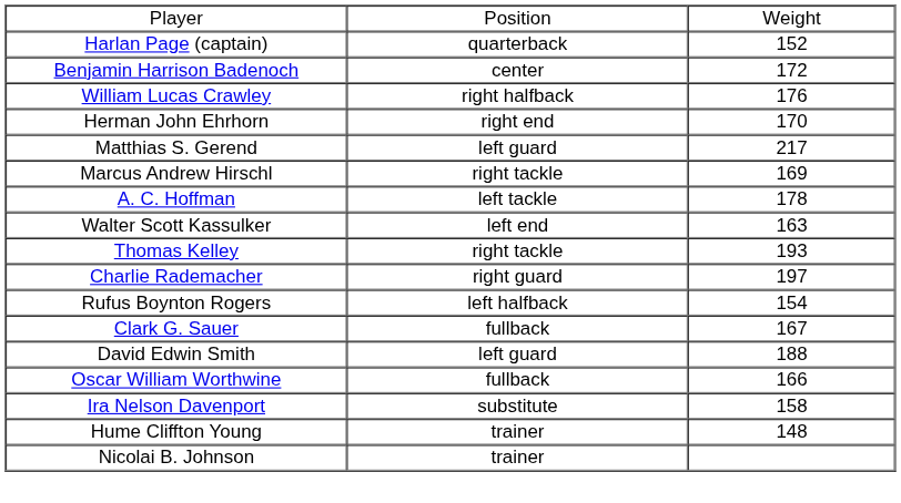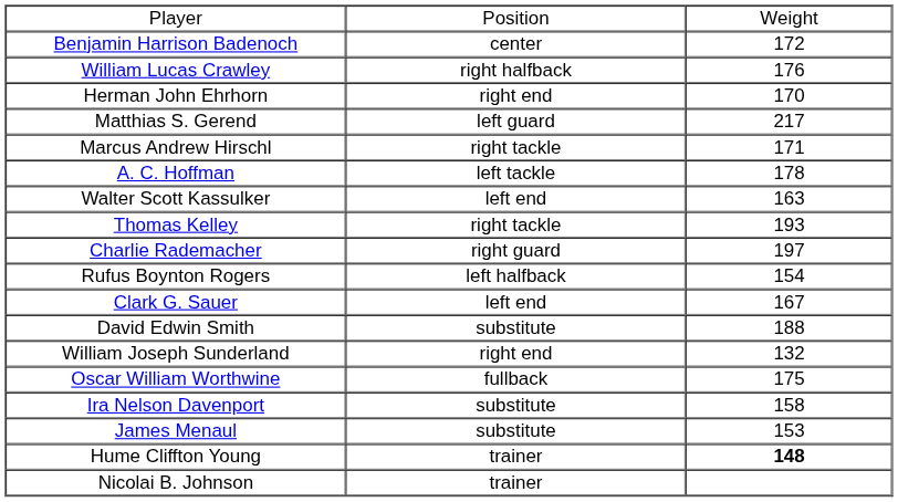 <table cellpadding="1" border="1" cellspacing="0" width="60%" style="text-align:center;">
 <tr>
 <td>Player</td>
 <td>Position</td>
 <td>Weight</td>
-</tr>
-<tr align="center" bgcolor="">
-<td><a href='#'>Harlan Page</a> (captain)</td>
-<td>quarterback</td>
-<td>152</td>
 </tr>
 <tr align="center" bgcolor="">
 <td><a href='#'>Benjamin Harrison Badenoch</a></td>
 <td>center</td>
 <td>172</td>
 </tr>
 <tr align="center" bgcolor="">
 <td><a href='#'>William Lucas Crawley</a></td>
 <td>right halfback</td>
 <td>176</td>
 </tr>
 <tr align="center" bgcolor="">
 <td>Herman John Ehrhorn</td>
 <td>right end</td>
 <td>170</td>
 </tr>
 <tr align="center" bgcolor="">
 <td width="250">Matthias S. Gerend</td>
 <td width="250">left guard</td>
 <td width="150">217</td>
 </tr>
 <tr align="center" bgcolor="">
 <td>Marcus Andrew Hirschl</td>
 <td>right tackle</td>
-<td>169</td>
+<td>171</td>
 </tr>
 <tr align="center" bgcolor="">
 <td><a href='#'>A. C. Hoffman</a></td>
 <td>left tackle</td>
 <td>178</td>
 </tr>
 <tr align="center" bgcolor="">
 <td>Walter Scott Kassulker</td>
 <td>left end</td>
 <td>163</td>
 </tr>
 <tr align="center" bgcolor="">
 <td><a href='#'>Thomas Kelley</a></td>
 <td>right tackle</td>
 <td>193</td>
 </tr>
 <tr align="center" bgcolor="">
 <td><a href='#'>Charlie Rademacher</a></td>
 <td>right guard</td>
 <td>197</td>
 </tr>
 <tr align="center" bgcolor="">
 <td>Rufus Boynton Rogers</td>
 <td>left halfback</td>
 <td>154</td>
 </tr>
 <tr align="center" bgcolor="">
 <td><a href='#'>Clark G. Sauer</a></td>
-<td>fullback</td>
+<td>left end</td>
 <td>167</td>
 </tr>
 <tr align="center" bgcolor="">
 <td>David Edwin Smith</td>
-<td>left guard</td>
+<td>substitute</td>
 <td>188</td>
+</tr>
+<tr align="center" bgcolor="">
+<td>William Joseph Sunderland</td>
+<td>right end</td>
+<td>132</td>
 </tr>
 <tr align="center" bgcolor="">
 <td><a href='#'>Oscar William Worthwine</a></td>
 <td>fullback</td>
-<td>166</td>
+<td>175</td>
 </tr>
 <tr align="center" bgcolor="">
 <td><a href='#'>Ira Nelson Davenport</a></td>
 <td>substitute</td>
 <td>158</td>
 </tr>
 <tr align="center" bgcolor="">
+<td><a href='#'>James Menaul</a></td>
+<td>substitute</td>
+<td>153</td>
+</tr>
+<tr align="center" bgcolor="">
 <td>Hume Cliffton Young</td>
 <td>trainer</td>
-<td>148</td>
+<td><strong>148</strong></td>
 </tr>
 <tr align="center" bgcolor="">
 <td>Nicolai B. Johnson</td>
 <td>trainer</td>
 <td></td>
 </tr>
 <tr align="center" bgcolor="">
 </tr>
 </table>
